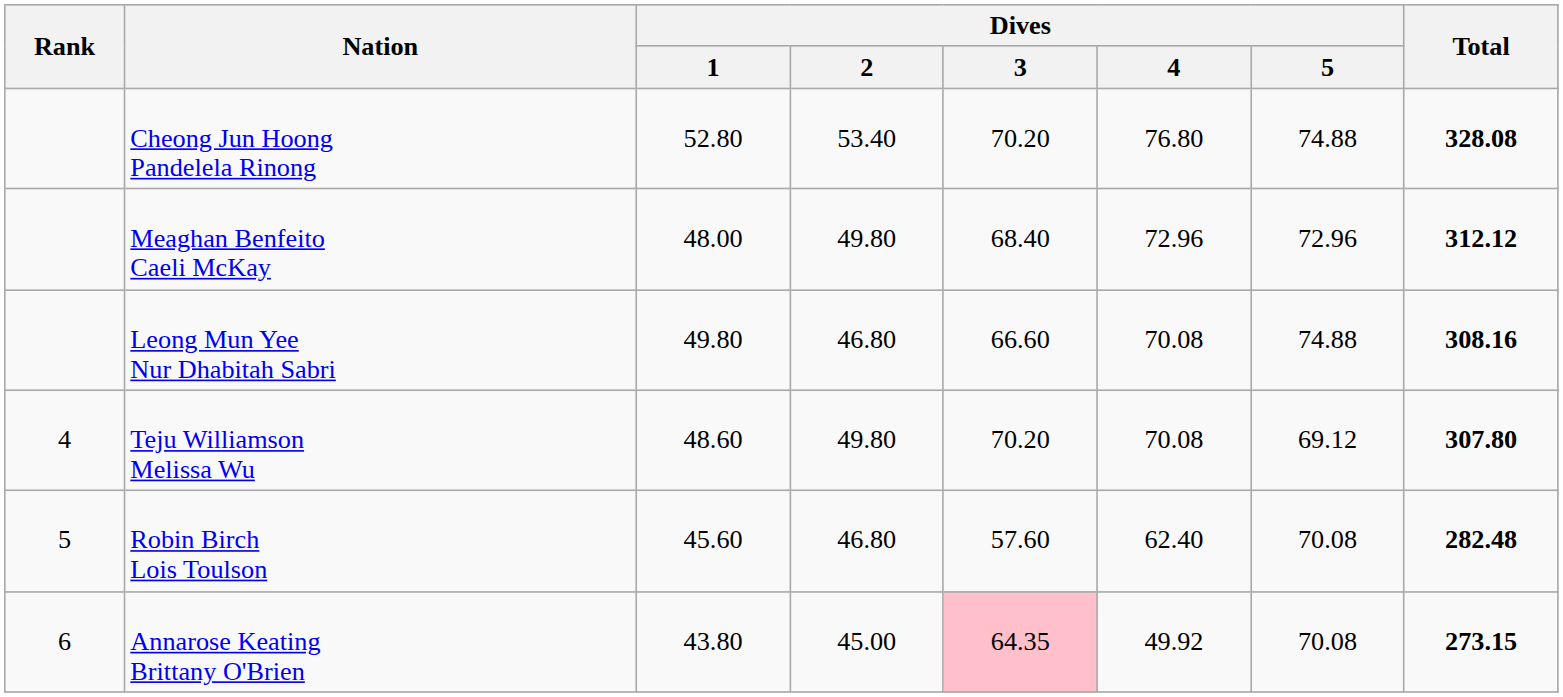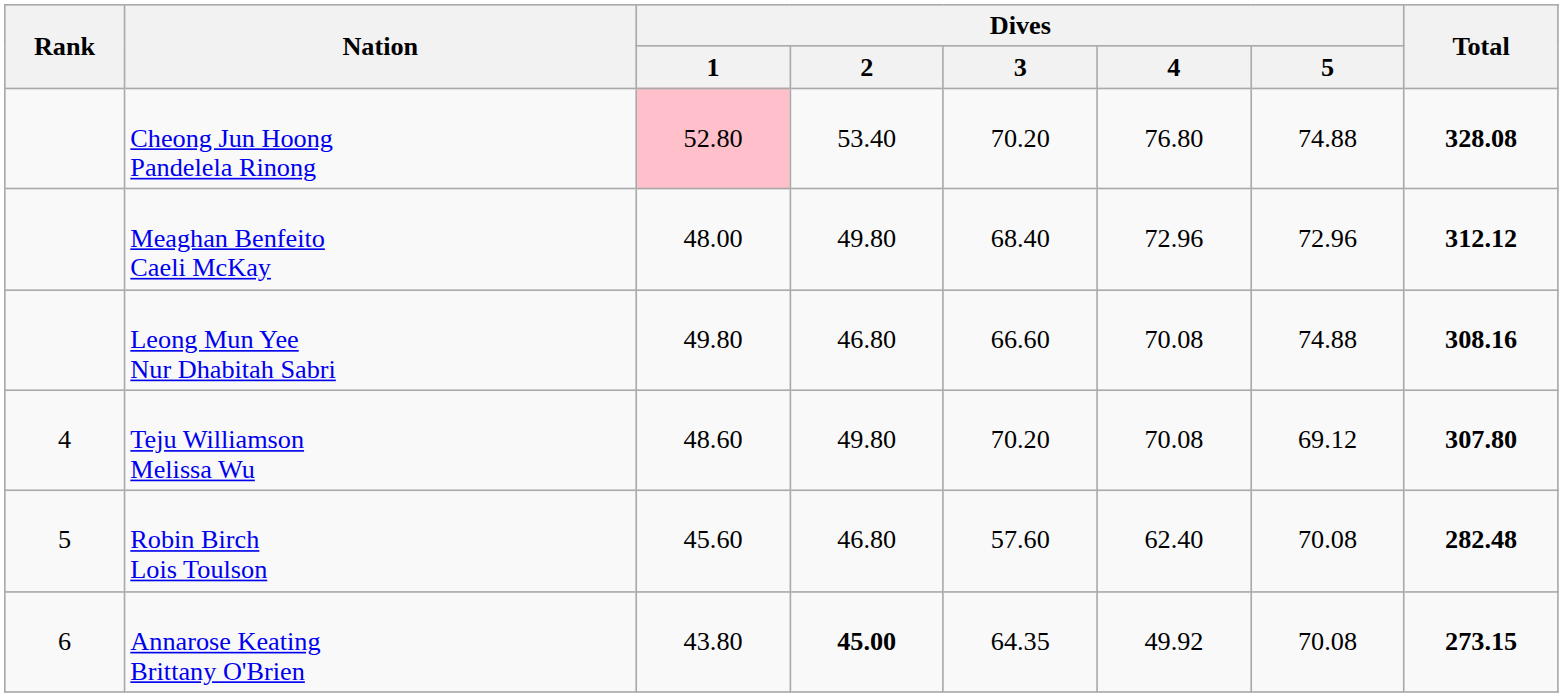 <table class="wikitable" width="75%">
 <tr>
 <th rowspan="2" width="7%">Rank</th>
 <th rowspan="2" width="30%">Nation</th>
 <th colspan="5">Dives</th>
 <th rowspan="2" width="9%">Total</th>
 </tr>
 <tr>
 <th width="9%">1</th>
 <th width="9%">2</th>
 <th width="9%">3</th>
 <th width="9%">4</th>
 <th width="9%">5</th>
 </tr>
 <tr>
 <td align="center"></td>
 <td><br><a href='#'>Cheong Jun Hoong</a><br><a href='#'>Pandelela Rinong</a></td>
-<td align="center">52.80</td>
+<td align="center" style="background: pink;">52.80</td>
 <td align="center">53.40</td>
 <td align="center">70.20</td>
 <td align="center">76.80</td>
 <td align="center">74.88</td>
 <td align="center"><strong>328.08</strong></td>
 </tr>
 <tr>
 <td align="center"></td>
 <td><br><a href='#'>Meaghan Benfeito</a><br><a href='#'>Caeli McKay</a></td>
 <td align="center">48.00</td>
 <td align="center">49.80</td>
 <td align="center">68.40</td>
 <td align="center">72.96</td>
 <td align="center">72.96</td>
 <td align="center"><strong>312.12</strong></td>
 </tr>
 <tr>
 <td align="center"></td>
 <td><br><a href='#'>Leong Mun Yee</a><br><a href='#'>Nur Dhabitah Sabri</a></td>
 <td align="center">49.80</td>
 <td align="center">46.80</td>
 <td align="center">66.60</td>
 <td align="center">70.08</td>
 <td align="center">74.88</td>
 <td align="center"><strong>308.16</strong></td>
 </tr>
 <tr>
 <td align="center">4</td>
 <td><br><a href='#'>Teju Williamson</a><br><a href='#'>Melissa Wu</a></td>
 <td align="center">48.60</td>
 <td align="center">49.80</td>
 <td align="center">70.20</td>
 <td align="center">70.08</td>
 <td align="center">69.12</td>
 <td align="center"><strong> 307.80</strong></td>
 </tr>
 <tr>
 <td align="center">5</td>
 <td><br><a href='#'>Robin Birch</a><br><a href='#'>Lois Toulson</a></td>
 <td align="center">45.60</td>
 <td align="center">46.80</td>
 <td align="center">57.60</td>
 <td align="center">62.40</td>
 <td align="center">70.08</td>
 <td align="center"><strong>282.48</strong></td>
 </tr>
 <tr>
 <td align="center">6</td>
 <td><br><a href='#'>Annarose Keating</a><br><a href='#'>Brittany O'Brien</a></td>
 <td align="center">43.80</td>
-<td align="center">45.00</td>
-<td align="center" style="background: pink;">64.35</td>
+<td align="center"><strong>45.00</strong></td>
+<td align="center">64.35</td>
 <td align="center">49.92</td>
 <td align="center">70.08</td>
 <td align="center"><strong>273.15</strong></td>
 </tr>
 </table>
